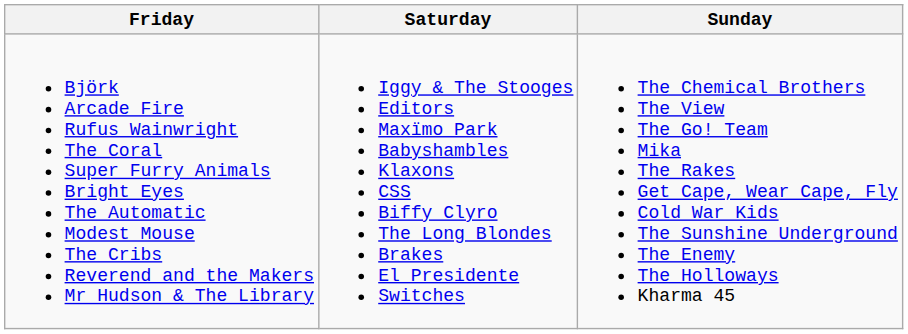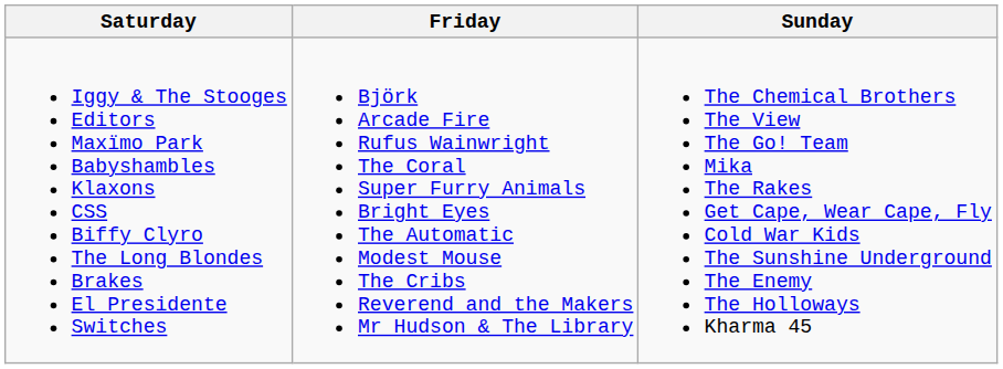 <table class="wikitable">
 <tr>
+<th>Saturday</th>
 <th>Friday</th>
-<th>Saturday</th>
 <th>Sunday</th>
 </tr>
 <tr valign="top">
+<td><br><ul><li><a href='#'>Iggy & The Stooges</a></li><li><a href='#'>Editors</a></li><li><a href='#'>Maxïmo Park</a></li><li><a href='#'>Babyshambles</a></li><li><a href='#'>Klaxons</a></li><li><a href='#'>CSS</a></li><li><a href='#'>Biffy Clyro</a></li><li><a href='#'>The Long Blondes</a></li><li><a href='#'>Brakes</a></li><li><a href='#'>El Presidente</a></li><li><a href='#'>Switches</a></li></ul></td>
 <td><br><ul><li><a href='#'>Björk</a></li><li><a href='#'>Arcade Fire</a></li><li><a href='#'>Rufus Wainwright</a></li><li><a href='#'>The Coral</a></li><li><a href='#'>Super Furry Animals</a></li><li><a href='#'>Bright Eyes</a></li><li><a href='#'>The Automatic</a></li><li><a href='#'>Modest Mouse</a></li><li><a href='#'>The Cribs</a></li><li><a href='#'>Reverend and the Makers</a></li><li><a href='#'>Mr Hudson & The Library</a></li></ul></td>
-<td><br><ul><li><a href='#'>Iggy & The Stooges</a></li><li><a href='#'>Editors</a></li><li><a href='#'>Maxïmo Park</a></li><li><a href='#'>Babyshambles</a></li><li><a href='#'>Klaxons</a></li><li><a href='#'>CSS</a></li><li><a href='#'>Biffy Clyro</a></li><li><a href='#'>The Long Blondes</a></li><li><a href='#'>Brakes</a></li><li><a href='#'>El Presidente</a></li><li><a href='#'>Switches</a></li></ul></td>
 <td><br><ul><li><a href='#'>The Chemical Brothers</a></li><li><a href='#'>The View</a></li><li><a href='#'>The Go! Team</a></li><li><a href='#'>Mika</a></li><li><a href='#'>The Rakes</a></li><li><a href='#'>Get Cape, Wear Cape, Fly</a></li><li><a href='#'>Cold War Kids</a></li><li><a href='#'>The Sunshine Underground</a></li><li><a href='#'>The Enemy</a></li><li><a href='#'>The Holloways</a></li><li>Kharma 45</li></ul></td>
 </tr>
 </table>
